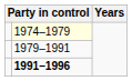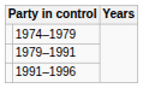 <table class="wikitable">
 <tr>
 <th colspan="2">Party in control</th>
 <th>Years</th>
 </tr>
 <tr>
 <td></td>
-<td style="background: lightyellow;">1974–1979</td>
+<td>1974–1979</td>
 </tr>
 <tr>
 <td></td>
 <td>1979–1991</td>
 </tr>
 <tr>
 <td></td>
-<td><strong>1991–1996</strong></td>
+<td>1991–1996</td>
 </tr>
 </table>
